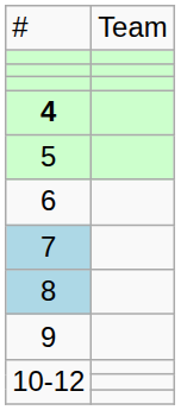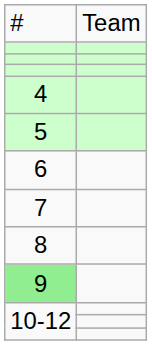 <table class="wikitable">
 <tr>
 <td>#</td>
 <td>Team</td>
 </tr>
 <tr bgcolor=ccffcc>
 <td align=center></td>
 <td></td>
 </tr>
 <tr bgcolor=ccffcc>
 <td align=center></td>
 <td></td>
 </tr>
 <tr bgcolor=ccffcc>
 <td align=center></td>
 <td></td>
 </tr>
 <tr bgcolor=ccffcc>
-<td align=center><strong>4</strong></td>
+<td align=center>4</td>
 <td></td>
 </tr>
 <tr bgcolor=ccffcc>
 <td align=center>5</td>
 <td></td>
 </tr>
 <tr>
 <td align=center>6</td>
 <td></td>
 </tr>
 <tr>
-<td align=center style="background: lightblue;">7</td>
+<td align=center>7</td>
 <td></td>
 </tr>
 <tr>
-<td align=center style="background: lightblue;">8</td>
+<td align=center>8</td>
 <td></td>
 </tr>
 <tr>
-<td align=center>9</td>
+<td align=center style="background: lightgreen;">9</td>
 <td></td>
 </tr>
 <tr>
 <td align=center rowspan=3>10-12</td>
 <td></td>
 </tr>
 <tr>
 <td></td>
 </tr>
 <tr>
 <td></td>
 </tr>
 </table>
